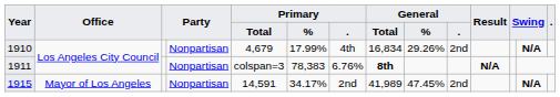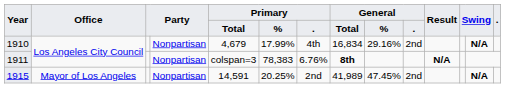 <table class="wikitable" style="font-size:90%; text-align:center;">
 <tr>
 <th style="background-color:#EAECF0;" rowspan=2>Year</th>
 <th style="background-color:#EAECF0;" rowspan=2>Office</th>
 <th style="background-color:#EAECF0;" colspan=2 rowspan=2>Party</th>
 <th style="background-color:#EAECF0;" colspan=3>Primary</th>
 <th style="background-color:#EAECF0;" colspan=3>General</th>
 <th style="background-color:#EAECF0;" rowspan=2>Result</th>
 <th style="background-color:#EAECF0;" colspan=2 rowspan=2><a href='#'>Swing</a></th>
 <th style="background-color:#EAECF0;" rowspan=2>.</th>
 </tr>
 <tr>
 <th style="background-color:#EAECF0;">Total</th>
 <th style="background-color:#EAECF0;">%</th>
 <th style="background-color:#EAECF0;">.</th>
 <th style="background-color:#EAECF0;">Total</th>
 <th style="background-color:#EAECF0;">%</th>
 <th style="background-color:#EAECF0;">.</th>
 </tr>
 <tr>
 <td style="background-color:#EAECF0;">1910</td>
 <td rowspan=2><a href='#'>Los Angeles City Council</a></td>
 <td style="background-color:"></td>
 <td><a href='#'>Nonpartisan</a></td>
 <td>4,679</td>
 <td>17.99%</td>
 <td>4th</td>
 <td>16,834</td>
-<td>29.26%</td>
+<td>29.16%</td>
 <td>2nd</td>
 <td></td>
 <td style="background-color:"></td>
 <td><strong>N/A</strong></td>
 <td></td>
 </tr>
 <tr>
 <td style="background-color:#EAECF0;">1911</td>
 <td style="background-color:"></td>
 <td><a href='#'>Nonpartisan</a></td>
 <td>colspan=3 </td>
 <td>78,383</td>
 <td>6.76%</td>
 <td><strong>8th</strong></td>
 <td></td>
 <td style="background-color:"></td>
 <td><strong>N/A</strong></td>
 <td></td>
 </tr>
 <tr>
 <td style="background-color:#EAECF0;"><a href='#'>1915</a></td>
 <td><a href='#'>Mayor of Los Angeles</a></td>
 <td style="background-color:"></td>
 <td><a href='#'>Nonpartisan</a></td>
 <td>14,591</td>
-<td>34.17%</td>
+<td>20.25%</td>
 <td>2nd</td>
 <td>41,989</td>
 <td>47.45%</td>
 <td>2nd</td>
 <td></td>
 <td style="background-color:"></td>
 <td><strong>N/A</strong></td>
 <td></td>
 </tr>
 </table>
